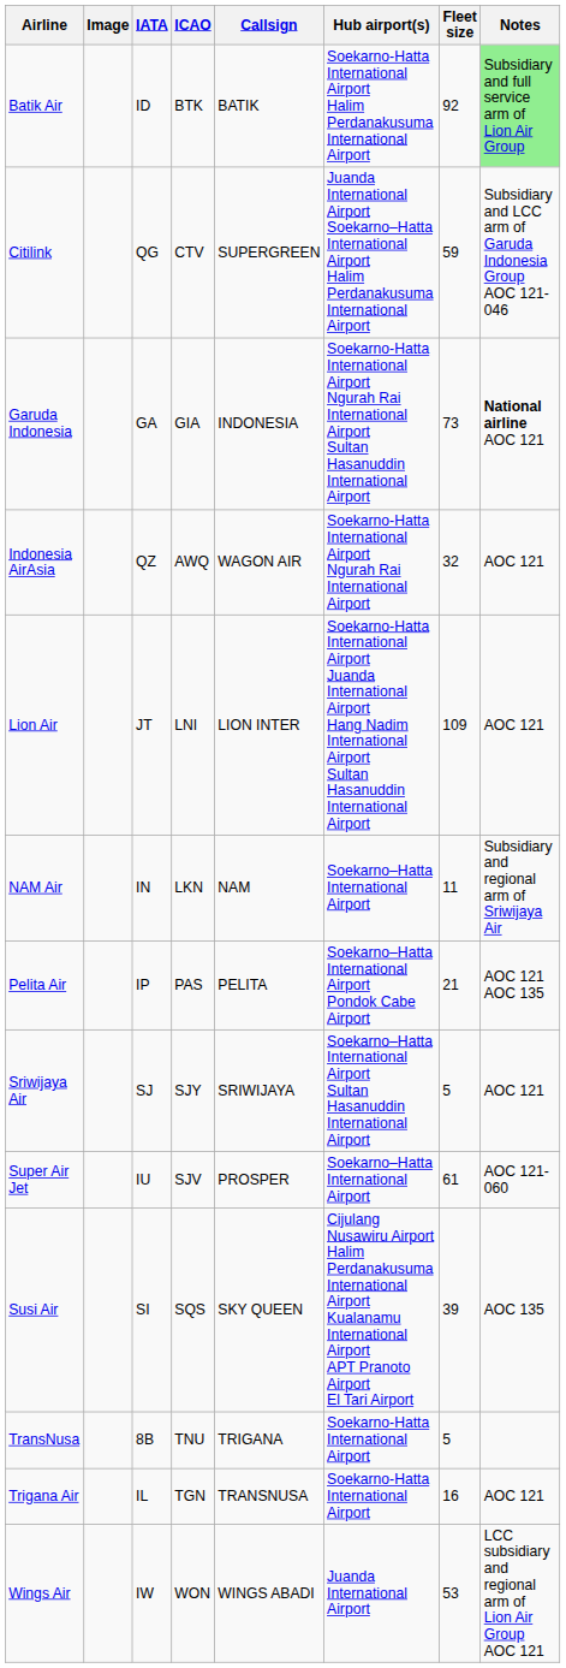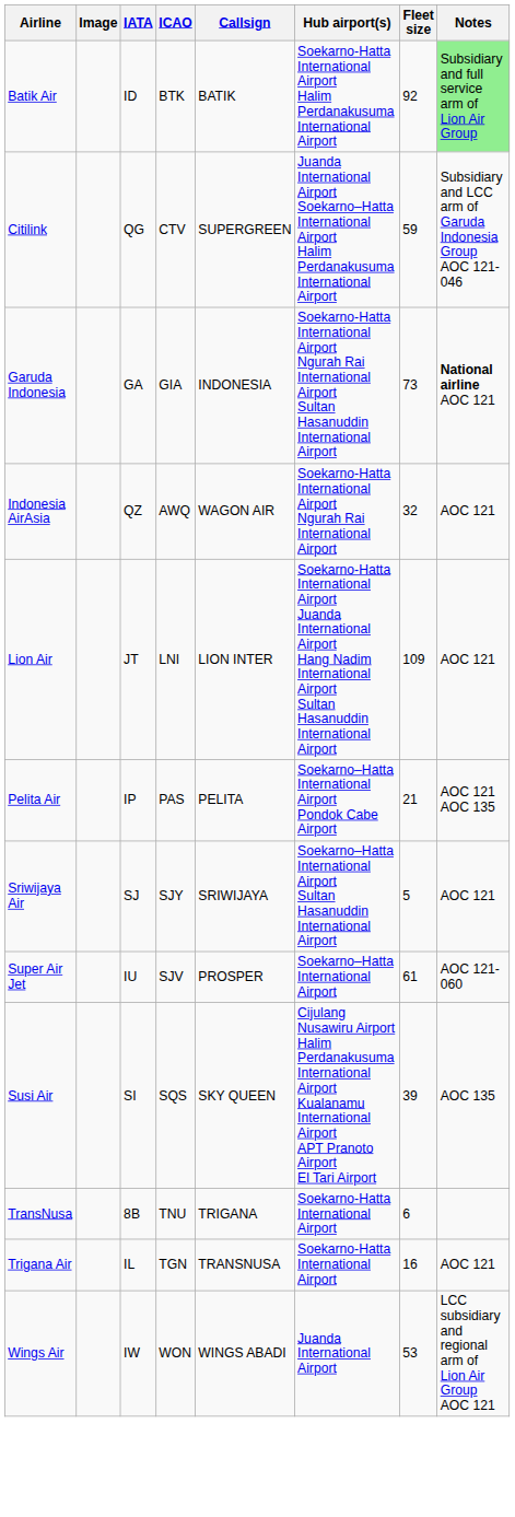 <table class="wikitable sortable" style="border: 0; cellpadding: 2; cellspacing: 3;">
 <tr valign="middle">
 <th>Airline</th>
 <th>Image</th>
 <th><a href='#'>IATA</a></th>
 <th><a href='#'>ICAO</a></th>
 <th><a href='#'>Callsign</a></th>
 <th>Hub airport(s)</th>
 <th>Fleet size</th>
 <th>Notes</th>
 </tr>
 <tr>
 <td><a href='#'>Batik Air</a></td>
 <td></td>
 <td>ID</td>
 <td>BTK</td>
 <td>BATIK</td>
 <td><a href='#'>Soekarno-Hatta International Airport</a><br><a href='#'>Halim Perdanakusuma International Airport</a></td>
 <td>92</td>
 <td style="background: lightgreen;">Subsidiary and full service arm of <a href='#'>Lion Air Group</a></td>
 </tr>
 <tr>
 <td><a href='#'>Citilink</a></td>
 <td></td>
 <td>QG</td>
 <td>CTV</td>
 <td>SUPERGREEN</td>
 <td><a href='#'>Juanda International Airport</a><br><a href='#'>Soekarno–Hatta International Airport</a><br><a href='#'>Halim Perdanakusuma International Airport</a></td>
 <td>59</td>
 <td>Subsidiary and LCC arm of <a href='#'> Garuda Indonesia Group</a>  <br> AOC 121-046</td>
 </tr>
 <tr>
 <td><a href='#'>Garuda Indonesia</a></td>
 <td></td>
 <td>GA</td>
 <td>GIA</td>
 <td>INDONESIA</td>
 <td><a href='#'>Soekarno-Hatta International Airport</a><br><a href='#'>Ngurah Rai International Airport</a><br><a href='#'>Sultan Hasanuddin International Airport</a></td>
 <td>73</td>
 <td><strong>National airline</strong><br>AOC 121</td>
 </tr>
 <tr>
 <td><a href='#'>Indonesia AirAsia</a></td>
 <td></td>
 <td>QZ</td>
 <td>AWQ</td>
 <td>WAGON AIR</td>
 <td><a href='#'>Soekarno-Hatta International Airport</a><br><a href='#'>Ngurah Rai International Airport</a></td>
 <td>32</td>
 <td>AOC 121</td>
 </tr>
 <tr>
 <td><a href='#'>Lion Air</a></td>
 <td></td>
 <td>JT</td>
 <td>LNI</td>
 <td>LION INTER</td>
 <td><a href='#'>Soekarno-Hatta International Airport</a><br><a href='#'>Juanda International Airport</a><br><a href='#'>Hang Nadim International Airport</a><br><a href='#'>Sultan Hasanuddin International Airport</a></td>
 <td>109</td>
 <td>AOC 121</td>
 </tr>
 <tr>
-<td><a href='#'>NAM Air</a></td>
-<td></td>
-<td>IN</td>
-<td>LKN</td>
-<td>NAM</td>
-<td><a href='#'>Soekarno–Hatta International Airport</a></td>
-<td>11</td>
-<td>Subsidiary and regional arm of <a href='#'>Sriwijaya Air</a></td>
-</tr>
-<tr>
 <td><a href='#'>Pelita Air</a></td>
 <td></td>
 <td>IP</td>
 <td>PAS</td>
 <td>PELITA</td>
 <td><a href='#'>Soekarno–Hatta International Airport</a><br><a href='#'>Pondok Cabe Airport</a></td>
 <td>21</td>
 <td>AOC 121<br>AOC 135</td>
 </tr>
 <tr>
 <td><a href='#'>Sriwijaya Air</a></td>
 <td></td>
 <td>SJ</td>
 <td>SJY</td>
 <td>SRIWIJAYA</td>
 <td><a href='#'>Soekarno–Hatta International Airport</a><br><a href='#'>Sultan Hasanuddin International Airport</a></td>
 <td>5</td>
 <td>AOC 121</td>
 </tr>
 <tr>
 <td><a href='#'>Super Air Jet</a></td>
 <td></td>
 <td>IU</td>
 <td>SJV</td>
 <td>PROSPER</td>
 <td><a href='#'>Soekarno–Hatta International Airport</a></td>
 <td>61</td>
 <td>AOC 121-060</td>
 </tr>
 <tr>
 <td><a href='#'>Susi Air</a></td>
 <td></td>
 <td>SI</td>
 <td>SQS</td>
 <td>SKY QUEEN</td>
 <td><a href='#'>Cijulang Nusawiru Airport</a><br><a href='#'>Halim Perdanakusuma International Airport</a><br><a href='#'>Kualanamu International Airport</a><br><a href='#'>APT Pranoto Airport</a><br><a href='#'>El Tari Airport</a><br></td>
 <td>39</td>
 <td>AOC 135</td>
 </tr>
 <tr>
 <td><a href='#'>TransNusa</a></td>
 <td></td>
 <td>8B</td>
 <td>TNU</td>
 <td>TRIGANA</td>
 <td><a href='#'>Soekarno-Hatta International Airport</a></td>
-<td>5</td>
+<td>6</td>
 <td></td>
 </tr>
 <tr>
 <td><a href='#'>Trigana Air</a></td>
 <td></td>
 <td>IL</td>
 <td>TGN</td>
 <td>TRANSNUSA</td>
 <td><a href='#'>Soekarno-Hatta International Airport</a></td>
 <td>16</td>
 <td>AOC 121</td>
 </tr>
 <tr>
 <td><a href='#'>Wings Air</a></td>
 <td></td>
 <td>IW</td>
 <td>WON</td>
 <td>WINGS ABADI</td>
 <td><a href='#'>Juanda International Airport</a></td>
 <td>53</td>
 <td>LCC subsidiary and regional arm of <a href='#'>Lion Air Group</a>  <br> AOC 121</td>
 </tr>
 <tr>
 </tr>
 </table>
